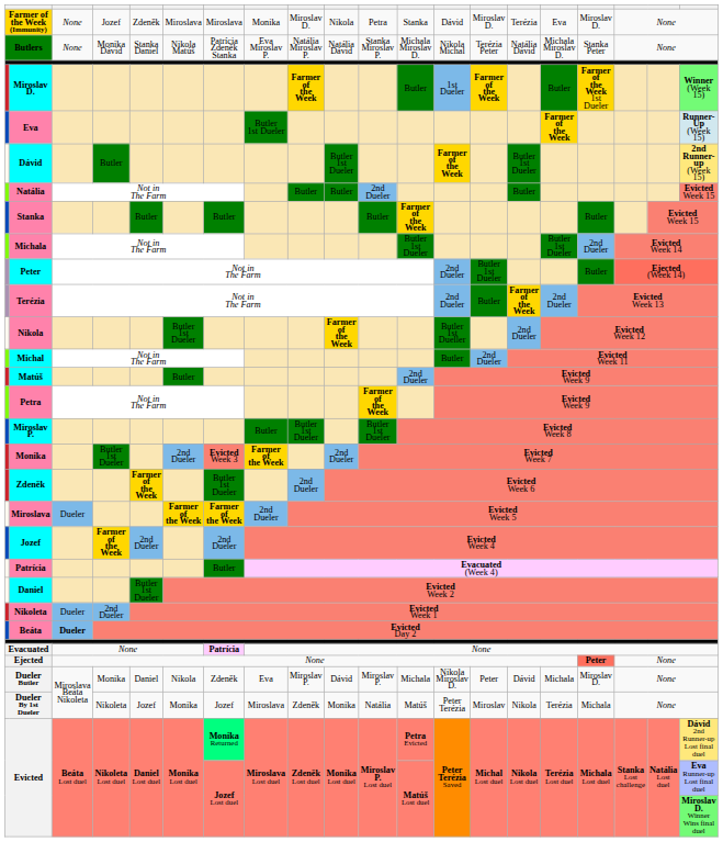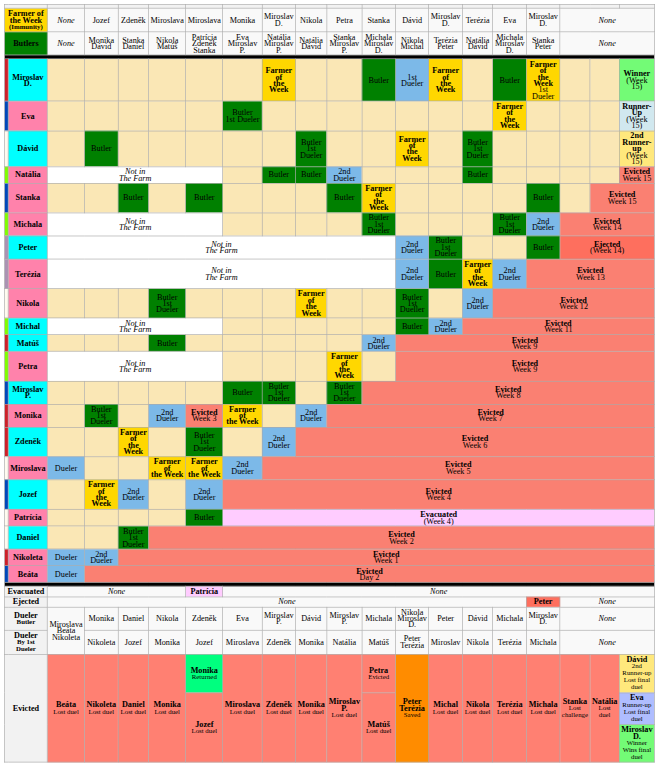 <table class="wikitable" style="text-align:center; width:80%; font-size:80%; line-height:10px">
 <tr>
 <th colspan=2></th>
 <th></th>
 <th></th>
 <th></th>
 <th></th>
 <th></th>
 <th></th>
 <th></th>
 <th></th>
 <th></th>
 <th></th>
 <th></th>
 <th></th>
 <th></th>
 <th></th>
 <th></th>
 <th colspan=2></th>
 <th></th>
 </tr>
 <tr>
 <th colspan=2 style="background:gold;">Farmer of the Week<br><small>(Immunity)</small></th>
 <td><em>None</em></td>
 <td>Jozef</td>
 <td>Zdeněk</td>
 <td>Miroslava</td>
 <td>Miroslava</td>
 <td>Monika</td>
 <td>Miroslav D.</td>
 <td>Nikola</td>
 <td>Petra</td>
 <td>Stanka</td>
 <td>Dávid</td>
 <td>Miroslav D.</td>
 <td>Terézia</td>
 <td>Eva</td>
 <td>Miroslav D.</td>
 <td colspan=3><em>None</em></td>
 </tr>
 <tr>
 <th colspan=2 style="background:#008000;">Butlers</th>
 <td><em>None</em></td>
 <td>Monika<br>Dávid</td>
 <td>Stanka<br>Daniel</td>
 <td>Nikola<br>Matúš</td>
 <td>Patrícia<br>Zdeněk<br>Stanka</td>
 <td>Eva<br>Miroslav P.</td>
 <td>Natália<br>Miroslav P.</td>
 <td>Natália<br>Dávid</td>
 <td>Stanka<br>Miroslav P.</td>
 <td>Michala<br>Miroslav D.</td>
 <td>Nikola<br>Michal</td>
 <td>Terézia<br>Peter</td>
 <td>Natália<br>Dávid</td>
 <td>Michala<br>Miroslav D.</td>
 <td>Stanka<br>Peter</td>
 <td colspan=3><em>None</em></td>
 </tr>
 <tr>
 <th style="background:#000000;" colspan="20"></th>
 </tr>
 <tr>
 <td style="background:#CE2029"></td>
 <th style="background:cyan;">Miroslav D.</th>
 <td style="background:#FAE7B5;"></td>
 <td style="background:#FAE7B5;"></td>
 <td style="background:#FAE7B5;"></td>
 <td style="background:#FAE7B5;"></td>
 <td style="background:#FAE7B5;"></td>
 <td style="background:#FAE7B5;"></td>
 <td style="background:gold;"><strong>Farmer of<br>the Week</strong></td>
 <td style="background:#FAE7B5;"></td>
 <td style="background:#FAE7B5;"></td>
 <td style="background:#008000;">Butler</td>
 <td style="background:#7CB9E8;">1st Dueler</td>
 <td style="background:gold;"><strong>Farmer of<br>the Week</strong></td>
 <td style="background:#FAE7B5;"></td>
 <td style="background:#008000;">Butler</td>
 <td style="background:gold;"><strong>Farmer of<br>the Week</strong><br> 1st Dueler</td>
 <td style="background:#FAE7B5;"></td>
 <td style="background:#FAE7B5;"></td>
 <td style="background:#73FB76" colspan=2><strong>Winner</strong> <br> (Week 15)</td>
 </tr>
 <tr>
 <td style="background:#0048BA"></td>
 <th style="background:#FF82AB;">Eva</th>
 <td style="background:#FAE7B5;"></td>
 <td style="background:#FAE7B5;"></td>
 <td style="background:#FAE7B5;"></td>
 <td style="background:#FAE7B5;"></td>
 <td style="background:#FAE7B5;"></td>
 <td style="background:#008000;">Butler<br>1st Dueler</td>
 <td style="background:#FAE7B5;"></td>
 <td style="background:#FAE7B5;"></td>
 <td style="background:#FAE7B5;"></td>
 <td style="background:#FAE7B5;"></td>
 <td style="background:#FAE7B5;"></td>
 <td style="background:#FAE7B5;"></td>
 <td style="background:#FAE7B5;"></td>
 <td style="background:gold;"><strong>Farmer of<br>the Week</strong></td>
 <td style="background:#FAE7B5;"></td>
 <td style="background:#FAE7B5;"></td>
 <td style="background:#FAE7B5;"></td>
 <td style="background:#D1E8EF" colspan=2><strong>Runner-Up</strong> <br> (Week 15)</td>
 </tr>
 <tr>
 <td style="background:#FFFAF0"></td>
 <th style="background:cyan;">Dávid</th>
 <td style="background:#FAE7B5;"></td>
 <td style="background:#008000;">Butler</td>
 <td style="background:#FAE7B5;"></td>
 <td style="background:#FAE7B5;"></td>
 <td style="background:#FAE7B5;"></td>
 <td style="background:#FAE7B5;"></td>
 <td style="background:#FAE7B5;"></td>
 <td style="background:#008000;">Butler<br>1st Dueler</td>
 <td style="background:#FAE7B5;"></td>
 <td style="background:#FAE7B5;"></td>
 <td style="background:gold;"><strong>Farmer of<br>the Week</strong></td>
 <td style="background:#FAE7B5;"></td>
 <td style="background:#008000;">Butler<br>1st Dueler</td>
 <td style="background:#FAE7B5;"></td>
 <td style="background:#FAE7B5;"></td>
 <td style="background:#FAE7B5;"></td>
 <td style="background:#FAE7B5;"></td>
 <td style="background:#FFE87C" colspan=2><strong>2nd Runner-up</strong> <br> (Week 15)</td>
 </tr>
 <tr>
 <td style="background:#7FFF00"></td>
 <th style="background:#FF82AB;">Natália</th>
 <td style="background:#FFFFFF; text-align:center;" colspan=5><em>Not in<br>The Farm</em></td>
 <td style="background:#FAE7B5;"></td>
 <td style="background:#008000;">Butler</td>
 <td style="background:#008000;">Butler</td>
 <td style="background:#7CB9E8;">2nd Dueler</td>
 <td style="background:#FAE7B5;"></td>
 <td style="background:#FAE7B5;"></td>
 <td style="background:#FAE7B5;"></td>
 <td style="background:#008000;">Butler</td>
 <td style="background:#FAE7B5;"></td>
 <td style="background:#FAE7B5;"></td>
 <td style="background:#FAE7B5;"></td>
 <td style="background:#FAE7B5;"></td>
 <td colspan=15 style="background:salmon;"><strong>Evicted</strong> <br> Week 15</td>
 </tr>
 <tr>
 <td style="background:#0048BA"></td>
 <th style="background:#FF82AB;">Stanka</th>
 <td style="background:#FAE7B5;"></td>
 <td style="background:#FAE7B5;"></td>
 <td style="background:#008000;">Butler</td>
 <td style="background:#FAE7B5;"></td>
 <td style="background:#008000;">Butler</td>
 <td style="background:#FAE7B5;"></td>
 <td style="background:#FAE7B5;"></td>
 <td style="background:#FAE7B5;"></td>
 <td style="background:#008000;">Butler</td>
 <td style="background:gold;"><strong>Farmer of<br>the Week</strong></td>
 <td style="background:#FAE7B5;"></td>
 <td style="background:#FAE7B5;"></td>
 <td style="background:#FAE7B5;"></td>
 <td style="background:#FAE7B5;"></td>
 <td style="background:#008000;">Butler</td>
 <td style="background:#FAE7B5;"></td>
 <td colspan=15 style="background:salmon;"><strong>Evicted</strong> <br> Week 15</td>
 </tr>
 <tr>
 <td style="background:#7FFF00"></td>
 <th style="background:#FF82AB;">Michala</th>
 <td style="background:#FFFFFF; text-align:center;" colspan=5><em>Not in<br>The Farm</em></td>
 <td style="background:#FAE7B5;"></td>
 <td style="background:#FAE7B5;"></td>
 <td style="background:#FAE7B5;"></td>
 <td style="background:#FAE7B5;"></td>
 <td style="background:#008000;">Butler<br>1st Dueler</td>
 <td style="background:#FAE7B5;"></td>
 <td style="background:#FAE7B5;"></td>
 <td style="background:#FAE7B5;"></td>
 <td style="background:#008000;">Butler<br>1st Dueler</td>
 <td style="background:#7CB9E8;">2nd Dueler</td>
 <td colspan=15 style="background:salmon;"><strong>Evicted</strong> <br> Week 14</td>
 </tr>
 <tr>
 <td style="background:#AB92B3"></td>
 <th style="background:cyan;">Peter</th>
 <td style="background:#FFFFFF; text-align:center;" colspan=10><em>Not in<br>The Farm</em></td>
 <td style="background:#7CB9E8;">2nd Dueler</td>
 <td style="background:#008000;">Butler<br>1st Dueler</td>
 <td style="background:#FAE7B5;"></td>
 <td style="background:#FAE7B5;"></td>
 <td style="background:#008000;">Butler</td>
 <td style="background:#FE6F5E; text-align:center;" colspan=16><strong>Ejected</strong> <br> (Week 14)</td>
 </tr>
 <tr>
 <td style="background:#AB92B3"></td>
 <th style="background:#FF82AB;">Terézia</th>
 <td style="background:#FFFFFF; text-align:center;" colspan=10><em>Not in<br>The Farm</em></td>
 <td style="background:#7CB9E8;">2nd Dueler</td>
 <td style="background:#008000;">Butler</td>
 <td style="background:gold;"><strong>Farmer of<br>the Week</strong></td>
 <td style="background:#7CB9E8;">2nd Dueler</td>
 <td colspan=15 style="background:salmon;"><strong>Evicted</strong> <br> Week 13</td>
 </tr>
 <tr>
 <td style="background:#FFFAF0"></td>
 <th style="background:#FF82AB;">Nikola</th>
 <td style="background:#FAE7B5;"></td>
 <td style="background:#FAE7B5;"></td>
 <td style="background:#FAE7B5;"></td>
 <td style="background:#008000;">Butler<br>1st Dueler</td>
 <td style="background:#FAE7B5;"></td>
 <td style="background:#FAE7B5;"></td>
 <td style="background:#FAE7B5;"></td>
 <td style="background:gold;"><strong>Farmer of<br>the Week</strong></td>
 <td style="background:#FAE7B5;"></td>
 <td style="background:#FAE7B5;"></td>
 <td style="background:#008000;">Butler<br>1st Dueller</td>
 <td style="background:#FAE7B5;"></td>
 <td style="background:#7CB9E8;">2nd Dueler</td>
 <td colspan=15 style="background:salmon;"><strong>Evicted</strong> <br> Week 12</td>
 </tr>
 <tr>
 <td style="background:#7FFF00"></td>
 <th style="background:cyan;">Michal</th>
 <td style="background:#FFFFFF; text-align:center;" colspan=5><em>Not in<br>The Farm</em></td>
 <td style="background:#FAE7B5;"></td>
 <td style="background:#FAE7B5;"></td>
 <td style="background:#FAE7B5;"></td>
 <td style="background:#FAE7B5;"></td>
 <td style="background:#FAE7B5;"></td>
 <td style="background:#008000;">Butler</td>
 <td style="background:#7CB9E8;">2nd Dueler</td>
 <td colspan=15 style="background:salmon;"><strong>Evicted</strong> <br> Week 11</td>
 </tr>
 <tr>
 <td style="background:#CE2029"></td>
 <th style="background:cyan;">Matúš</th>
 <td style="background:#FAE7B5;"></td>
 <td style="background:#FAE7B5;"></td>
 <td style="background:#FAE7B5;"></td>
 <td style="background:#008000;">Butler</td>
 <td style="background:#FAE7B5;"></td>
 <td style="background:#FAE7B5;"></td>
 <td style="background:#FAE7B5;"></td>
 <td style="background:#FAE7B5;"></td>
 <td style="background:#FAE7B5;"></td>
 <td style="background:#7CB9E8;">2nd Dueler</td>
 <td colspan=15 style="background:salmon;"><strong>Evicted</strong> <br> Week 9</td>
 </tr>
 <tr>
 <td style="background:#7FFF00"></td>
 <th style="background:#FF82AB;">Petra</th>
 <td style="background:#FFFFFF; text-align:center;" colspan=5><em>Not in<br>The Farm</em></td>
 <td style="background:#FAE7B5;"></td>
 <td style="background:#FAE7B5;"></td>
 <td style="background:#FAE7B5;"></td>
 <td style="background:gold;"><strong>Farmer of<br>the Week</strong></td>
 <td style="background:#FAE7B5;"></td>
 <td colspan=15 style="background:salmon;"><strong>Evicted</strong> <br> Week 9</td>
 </tr>
 <tr>
 <td style="background:#0048BA"></td>
 <th style="background:cyan;">Miroslav P.</th>
 <td style="background:#FAE7B5;"></td>
 <td style="background:#FAE7B5;"></td>
 <td style="background:#FAE7B5;"></td>
 <td style="background:#FAE7B5;"></td>
 <td style="background:#FAE7B5;"></td>
 <td style="background:#008000;">Butler</td>
 <td style="background:#008000;">Butler<br>1st Dueler</td>
 <td style="background:#FAE7B5;"></td>
 <td style="background:#008000;">Butler<br>1st Dueler</td>
 <td colspan=15 style="background:salmon;"><strong>Evicted</strong> <br> Week 8</td>
 </tr>
 <tr>
 <td style="background:#CE2029"></td>
 <th style="background:#FF82AB;">Monika</th>
 <td style="background:#FAE7B5;"></td>
 <td style="background:#008000;">Butler<br>1st Dueler</td>
 <td style="background:#FAE7B5;"></td>
 <td style="background:#7CB9E8;">2nd Dueler</td>
 <td colspan=1 style="background:salmon;"><strong>Evicted</strong> <br> Week 3</td>
 <td style="background:gold;"><strong>Farmer of<br>the Week</strong></td>
 <td style="background:#FAE7B5;"></td>
 <td style="background:#7CB9E8;">2nd Dueler</td>
 <td colspan=15 style="background:salmon;"><strong>Evicted</strong> <br> Week 7</td>
 </tr>
 <tr>
 <td style="background:#CE2029"></td>
 <th style="background:cyan;">Zdeněk</th>
 <td style="background:#FAE7B5;"></td>
 <td style="background:#FAE7B5;"></td>
 <td style="background:gold;"><strong>Farmer of<br>the Week</strong></td>
 <td style="background:#FAE7B5;"></td>
 <td style="background:#008000;">Butler<br>1st Dueler</td>
 <td style="background:#FAE7B5;"></td>
 <td style="background:#7CB9E8;">2nd Dueler</td>
 <td colspan=15 style="background:salmon;"><strong>Evicted</strong> <br> Week 6</td>
 </tr>
 <tr>
 <td style="background:#FFFAF0"></td>
 <th style="background:#FF82AB;">Miroslava</th>
 <td style="background:#7CB9E8;">Dueler</td>
 <td style="background:#FAE7B5;"></td>
 <td style="background:#FAE7B5;"></td>
 <td style="background:gold;"><strong>Farmer of<br>the Week</strong></td>
 <td style="background:gold;"><strong>Farmer of<br>the Week</strong></td>
 <td style="background:#7CB9E8;">2nd Dueler</td>
 <td colspan=15 style="background:salmon;"><strong>Evicted</strong> <br> Week 5</td>
 </tr>
 <tr>
 <td style="background:#0048BA"></td>
 <th style="background:cyan;">Jozef</th>
 <td style="background:#FAE7B5;"></td>
 <td style="background:gold;"><strong>Farmer of<br>the Week</strong></td>
 <td style="background:#7CB9E8;">2nd Dueler</td>
 <td style="background:#FAE7B5;"></td>
 <td style="background:#7CB9E8;">2nd Dueler</td>
 <td colspan=15 style="background:salmon;"><strong>Evicted</strong> <br> Week 4</td>
 </tr>
 <tr>
 <td style="background:#FFFAF0"></td>
 <th style="background:#FF82AB;">Patrícia</th>
 <td style="background:#FAE7B5;"></td>
 <td style="background:#FAE7B5;"></td>
 <td style="background:#FAE7B5;"></td>
 <td style="background:#FAE7B5;"></td>
 <td style="background:#008000;">Butler</td>
 <td style="background:#fcf; text-align:center;" colspan=15><strong>Evacuated</strong> <br> (Week 4)</td>
 </tr>
 <tr>
 <td style="background:#FFFAF0"></td>
 <th style="background:cyan;">Daniel</th>
 <td style="background:#FAE7B5;"></td>
 <td style="background:#FAE7B5;"></td>
 <td style="background:#008000;">Butler<br>1st Dueler</td>
 <td colspan=15 style="background:salmon;"><strong>Evicted</strong> <br> Week 2</td>
 </tr>
 <tr>
 <td style="background:#CE2029"></td>
 <th style="background:#FF82AB;">Nikoleta</th>
 <td style="background:#7CB9E8;">Dueler</td>
 <td style="background:#7CB9E8;">2nd Dueler</td>
 <td colspan=16 style="background:salmon;"><strong>Evicted</strong> <br> Week 1</td>
 </tr>
 <tr>
 <td style="background:#0048BA"></td>
 <th style="background:#FF82AB;">Beáta</th>
-<td style="background:#7CB9E8;"><strong>Dueler</strong></td>
+<td style="background:#7CB9E8;">Dueler</td>
 <td colspan=17 style="background:salmon;"><strong>Evicted</strong> <br> Day 2</td>
 </tr>
 <tr>
 <th style="background:#000000;" colspan="20"></th>
 </tr>
 <tr>
 <th colspan=2>Evacuated</th>
 <td colspan="4"><em>None</em></td>
 <td style="background:#fcf;"><strong>Patrícia</strong></td>
 <td colspan="15"><em>None</em></td>
 </tr>
 <tr>
 <th colspan=2>Ejected</th>
 <td colspan="14"><em>None</em></td>
 <td style="background:#FE6F5E;"><strong>Peter</strong></td>
 <td colspan="14"><em>None</em></td>
 </tr>
 <tr>
 <th colspan=2>Dueler<br><small>Butler</small></th>
 <td rowspan=2>Miroslava<br>Beáta<br>Nikoleta</td>
 <td>Monika</td>
 <td>Daniel</td>
 <td>Nikola</td>
 <td>Zdeněk</td>
 <td>Eva</td>
 <td>Miroslav P.</td>
 <td>Dávid</td>
 <td>Miroslav P.</td>
 <td>Michala</td>
 <td>Nikola<br>Miroslav D.</td>
 <td>Peter</td>
 <td>Dávid</td>
 <td>Michala</td>
 <td>Miroslav D.</td>
 <td colspan=3><em>None</em></td>
 </tr>
 <tr>
 <th colspan=2>Dueler<br><small>By 1st Dueler</small></th>
 <td>Nikoleta</td>
 <td>Jozef</td>
 <td>Monika</td>
 <td>Jozef</td>
 <td>Miroslava</td>
 <td>Zdeněk</td>
 <td>Monika</td>
 <td>Natália</td>
 <td>Matúš</td>
 <td>Peter<br>Terézia</td>
 <td>Miroslav</td>
 <td>Nikola</td>
 <td>Terézia</td>
 <td>Michala</td>
 <td colspan=3><em>None</em></td>
 </tr>
 <tr>
 <th colspan=2 rowspan="3">Evicted</th>
 <td rowspan="3" style="background:#FF8072"><strong>Beáta</strong><br><small>Lost duel</small></td>
 <td rowspan="3" style="background:#FF8072"><strong>Nikoleta</strong><br><small>Lost duel</small></td>
 <td rowspan="3" style="background:#FF8072"><strong>Daniel</strong><br><small>Lost duel</small></td>
 <td rowspan="3" style="background:#FF8072"><strong>Monika</strong><br><small>Lost duel</small></td>
 <td rowspan="1" style="background:#00FF7F"><strong>Monika</strong><br><small>Returned</small></td>
 <td rowspan="3" style="background:#FF8072"><strong> Miroslava</strong><br><small>Lost duel</small></td>
 <td rowspan="3" style="background:#FF8072"><strong>Zdeněk</strong><br><small>Lost duel</small></td>
 <td rowspan="3" style="background:#FF8072"><strong>Monika</strong><br><small>Lost duel</small></td>
 <td rowspan="3" style="background:#FF8072"><strong>Miroslav P.</strong><br><small>Lost duel</small></td>
 <td rowspan="1" style="background:#FF8072"><strong>Petra</strong><br><small>Evicted</small></td>
 <td rowspan="3" style="background:#FF8C00"><strong>Peter<br>Terézia</strong><br><small>Saved</small></td>
 <td rowspan="3" style="background:#FF8072"><strong>Michal</strong><br><small>Lost duel</small></td>
 <td rowspan="3" style="background:#FF8072"><strong>Nikola</strong><br><small>Lost duel</small></td>
 <td rowspan="3" style="background:#FF8072"><strong>Terézia</strong><br><small>Lost duel</small></td>
 <td rowspan="3" style="background:#FF8072"><strong>Michala</strong><br><small>Lost duel</small></td>
 <td rowspan="3" style="background:#FF8072"><strong>Stanka</strong><br><small>Lost challenge</small></td>
 <td rowspan="3" style="background:#FF8072"><strong>Natália</strong><br><small>Lost duel</small></td>
 <td style="background:#FFE87C"><strong>Dávid</strong><br><small>2nd Runner-up<br>Lost final duel</small></td>
 </tr>
 <tr>
 <td rowspan="2" style="background:#FF8072"><strong>Jozef</strong><br><small>Lost duel</small></td>
 <td rowspan="2" style="background:#FF8072"><strong>Matúš</strong><br><small>Lost duel</small></td>
 <td style="background:#afbdff"><strong>Eva</strong><br><small>Runner-up<br>Lost final duel</small></td>
 </tr>
 <tr>
 <td style="background:#73FB76"><strong>Miroslav D.</strong><br><small>Winner<br>Wins final duel</small></td>
 </tr>
 </table>
